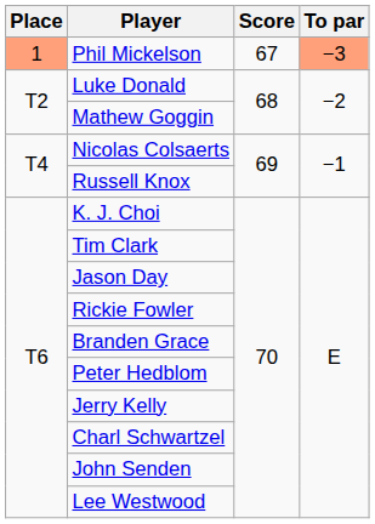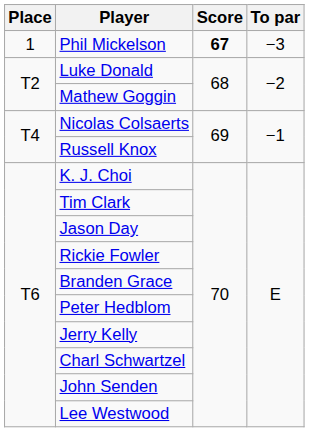 <table class="wikitable">
 <tr>
 <th>Place</th>
 <th>Player</th>
 <th>Score</th>
 <th>To par</th>
 </tr>
 <tr>
-<td align=center style="background: lightsalmon;">1</td>
+<td align=center>1</td>
 <td> <a href='#'>Phil Mickelson</a></td>
-<td align=center>67</td>
-<td align=center style="background: lightsalmon;">−3</td>
+<td align=center><strong>67</strong></td>
+<td align=center>−3</td>
 </tr>
 <tr>
 <td align=center rowspan=2>T2</td>
 <td> <a href='#'>Luke Donald</a></td>
 <td align=center rowspan=2>68</td>
 <td align=center rowspan=2>−2</td>
 </tr>
 <tr>
 <td> <a href='#'>Mathew Goggin</a></td>
 </tr>
 <tr>
 <td align=center rowspan=2>T4</td>
 <td> <a href='#'>Nicolas Colsaerts</a></td>
 <td align=center rowspan=2>69</td>
 <td align=center rowspan=2>−1</td>
 </tr>
 <tr>
 <td> <a href='#'>Russell Knox</a></td>
 </tr>
 <tr>
 <td align=center rowspan=10>T6</td>
 <td> <a href='#'>K. J. Choi</a></td>
 <td align=center rowspan=10>70</td>
 <td align=center rowspan=10>E</td>
 </tr>
 <tr>
 <td> <a href='#'>Tim Clark</a></td>
 </tr>
 <tr>
 <td> <a href='#'>Jason Day</a></td>
 </tr>
 <tr>
 <td> <a href='#'>Rickie Fowler</a></td>
 </tr>
 <tr>
 <td> <a href='#'>Branden Grace</a></td>
 </tr>
 <tr>
 <td> <a href='#'>Peter Hedblom</a></td>
 </tr>
 <tr>
 <td> <a href='#'>Jerry Kelly</a></td>
 </tr>
 <tr>
 <td> <a href='#'>Charl Schwartzel</a></td>
 </tr>
 <tr>
 <td> <a href='#'>John Senden</a></td>
 </tr>
 <tr>
 <td> <a href='#'>Lee Westwood</a></td>
 </tr>
 </table>
